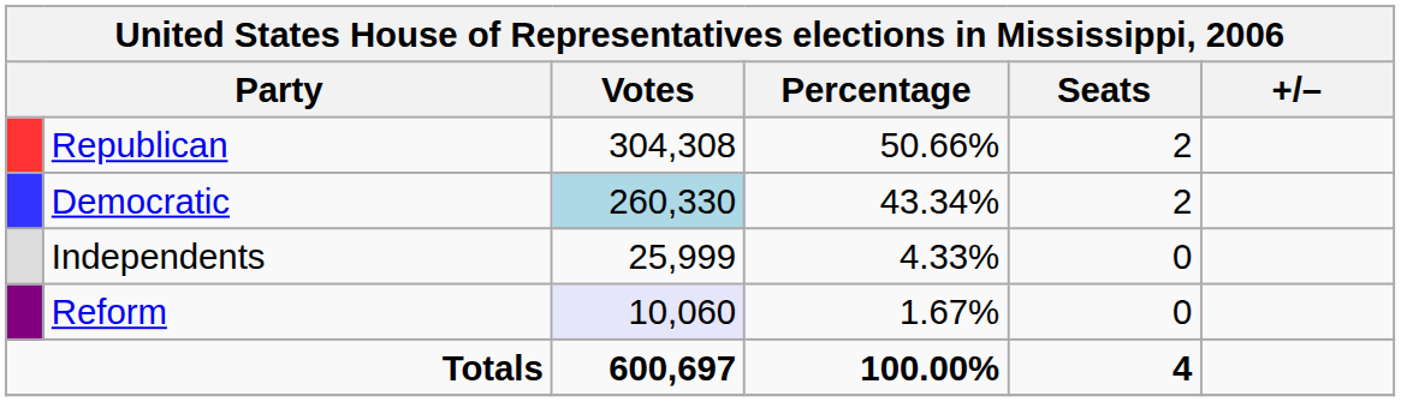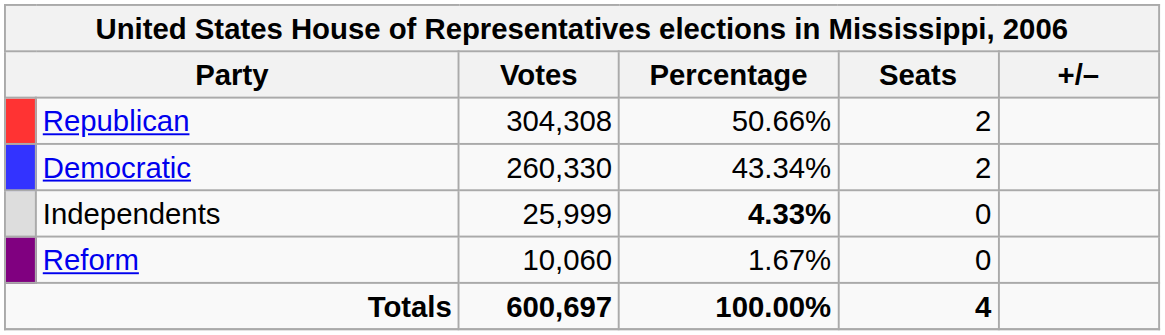 <table class="wikitable" style="font-size: 95%;">
 <tr>
 <th colspan="6">United States House of Representatives elections in Mississippi, 2006</th>
 </tr>
 <tr>
 <th colspan=2 style="width: 15em">Party</th>
 <th style="width: 5em">Votes</th>
 <th style="width: 7em">Percentage</th>
 <th style="width: 5em">Seats</th>
 <th style="width: 5em">+/–</th>
 </tr>
 <tr>
 <th style="background-color:#FF3333; width: 3px"></th>
 <td style="width: 130px"><a href='#'>Republican</a></td>
 <td align="right">304,308</td>
 <td align="right">50.66%</td>
 <td align="right">2</td>
 <td align="right"></td>
 </tr>
 <tr>
 <th style="background-color:#3333FF; width: 3px"></th>
 <td style="width: 130px"><a href='#'>Democratic</a></td>
-<td align="right" style="background: lightblue;">260,330</td>
+<td align="right">260,330</td>
 <td align="right">43.34%</td>
 <td align="right">2</td>
 <td align="right"></td>
 </tr>
 <tr>
 <th style="background-color:#DDDDDD; width: 3px"></th>
 <td style="width: 130px">Independents</td>
 <td align="right">25,999</td>
-<td align="right">4.33%</td>
+<td align="right"><strong>4.33%</strong></td>
 <td align="right">0</td>
 <td align="right"></td>
 </tr>
 <tr>
 <th style="background-color:#800080; width: 3px"></th>
 <td style="width: 130px"><a href='#'>Reform</a></td>
-<td align="right" style="background: lavender;">10,060</td>
+<td align="right">10,060</td>
 <td align="right">1.67%</td>
 <td align="right">0</td>
 <td align="right"></td>
 </tr>
 <tr>
 <td colspan="2" align="right"><strong>Totals</strong></td>
 <td align="right"><strong>600,697</strong></td>
 <td align="right"><strong>100.00%</strong></td>
 <td align="right"><strong>4</strong></td>
 <td align="right"><strong></strong></td>
 </tr>
 <tr bgcolor="#EEEEEE">
 </tr>
 </table>
